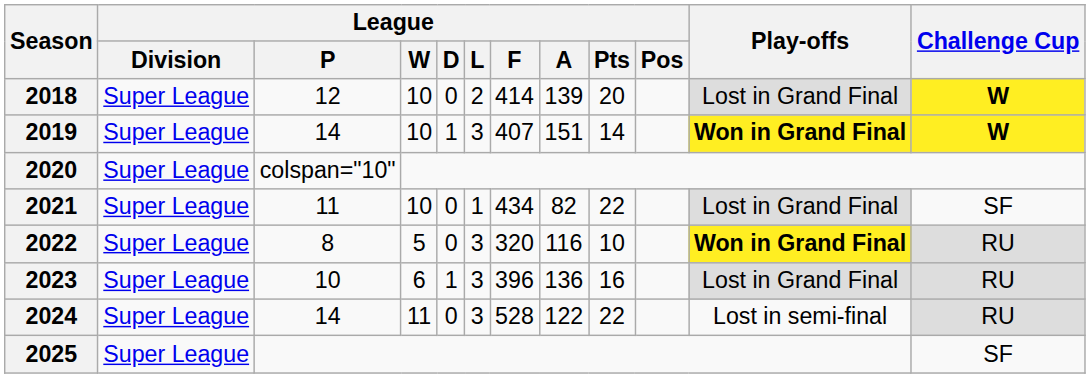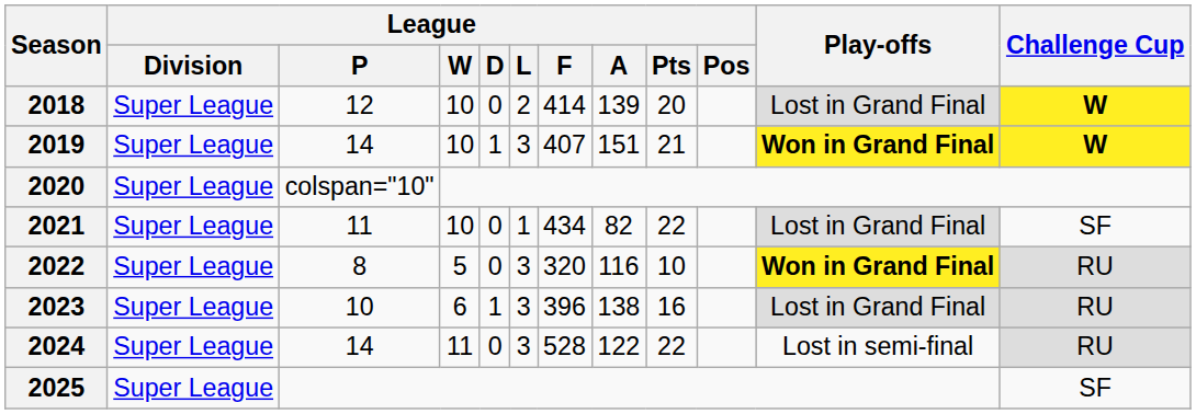 <table class="wikitable" style="text-align: center">
 <tr>
 <th rowspan="2" scope="col">Season</th>
 <th colspan="9" scope="col">League</th>
 <th rowspan="2" scope="col">Play-offs</th>
 <th rowspan="2" scope="col"><a href='#'>Challenge Cup</a></th>
 </tr>
 <tr>
 <th scope="col">Division</th>
 <th scope="col">P</th>
 <th scope="col">W</th>
 <th scope="col">D</th>
 <th scope="col">L</th>
 <th scope="col">F</th>
 <th scope="col">A</th>
 <th scope="col">Pts</th>
 <th scope="col">Pos</th>
 </tr>
 <tr>
 <th scope="row">2018</th>
 <td><a href='#'>Super League</a></td>
 <td>12</td>
 <td>10</td>
 <td>0</td>
 <td>2</td>
 <td>414</td>
 <td>139</td>
 <td>20</td>
 <td></td>
 <td style="background-color:#DDD">Lost in Grand Final</td>
 <td style="background-color:#FE2"><strong>W</strong></td>
 </tr>
 <tr>
 <th scope="row">2019</th>
 <td><a href='#'>Super League</a></td>
 <td>14</td>
 <td>10</td>
 <td>1</td>
 <td>3</td>
 <td>407</td>
 <td>151</td>
-<td>14</td>
+<td>21</td>
 <td></td>
 <td style="background-color:#FE2"><strong>Won in Grand Final</strong></td>
 <td style="background-color:#FE2"><strong>W</strong></td>
 </tr>
 <tr>
 <th scope="row">2020</th>
 <td><a href='#'>Super League</a></td>
 <td>colspan="10"</td>
 </tr>
 <tr>
 <th scope="row">2021</th>
 <td><a href='#'>Super League</a></td>
 <td>11</td>
 <td>10</td>
 <td>0</td>
 <td>1</td>
 <td>434</td>
 <td>82</td>
 <td>22</td>
 <td></td>
 <td style="background-color:#DDD">Lost in Grand Final</td>
 <td>SF</td>
 </tr>
 <tr>
 <th scope="row">2022</th>
 <td><a href='#'>Super League</a></td>
 <td>8</td>
 <td>5</td>
 <td>0</td>
 <td>3</td>
 <td>320</td>
 <td>116</td>
 <td>10</td>
 <td></td>
 <td style="background-color:#FE2"><strong>Won in Grand Final</strong></td>
 <td style="background-color:#DDD">RU</td>
 </tr>
 <tr>
 <th scope="row">2023</th>
 <td><a href='#'>Super League</a></td>
 <td>10</td>
 <td>6</td>
 <td>1</td>
 <td>3</td>
 <td>396</td>
-<td>136</td>
+<td>138</td>
 <td>16</td>
 <td></td>
 <td style="background-color:#DDD">Lost in Grand Final</td>
 <td style="background-color:#DDD">RU</td>
 </tr>
 <tr>
 <th scope="row">2024</th>
 <td><a href='#'>Super League</a></td>
 <td>14</td>
 <td>11</td>
 <td>0</td>
 <td>3</td>
 <td>528</td>
 <td>122</td>
 <td>22</td>
 <td></td>
 <td>Lost in semi-final</td>
 <td style="background-color:#DDD">RU</td>
 </tr>
 <tr>
 <th scope="row">2025</th>
 <td><a href='#'>Super League</a></td>
 <td colspan=9></td>
 <td>SF</td>
 </tr>
 </table>
